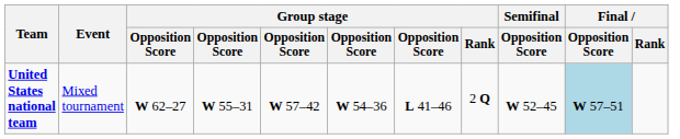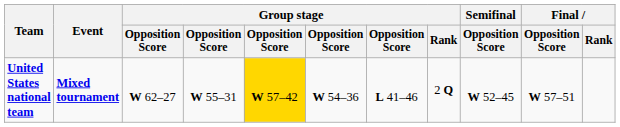 <table class="wikitable" style="font-size:90%;text-align:center">
 <tr>
 <th rowspan="2">Team</th>
 <th rowspan="2">Event</th>
 <th colspan="6">Group stage</th>
 <th>Semifinal</th>
 <th colspan="2">Final / </th>
 </tr>
 <tr style="font-size:95%">
 <th>Opposition<br>Score</th>
 <th>Opposition<br>Score</th>
 <th>Opposition<br>Score</th>
 <th>Opposition<br>Score</th>
 <th>Opposition<br>Score</th>
 <th>Rank</th>
 <th>Opposition<br>Score</th>
 <th>Opposition<br>Score</th>
 <th>Rank</th>
 </tr>
 <tr>
 <td align=left><strong><a href='#'>United States national team</a></strong></td>
-<td align=left><a href='#'>Mixed tournament</a></td>
+<td align=left><strong><a href='#'>Mixed tournament</a></strong></td>
 <td><br><strong>W</strong> 62–27</td>
 <td><br><strong>W</strong> 55–31</td>
-<td><br><strong>W</strong> 57–42</td>
+<td style="background: gold;"><br><strong>W</strong> 57–42</td>
 <td><br><strong>W</strong> 54–36</td>
 <td><br><strong>L</strong> 41–46</td>
 <td>2 <strong>Q</strong></td>
 <td><br><strong>W</strong> 52–45</td>
-<td style="background: lightblue;"><br><strong>W</strong> 57–51</td>
+<td><br><strong>W</strong> 57–51</td>
 <td></td>
 </tr>
 </table>
